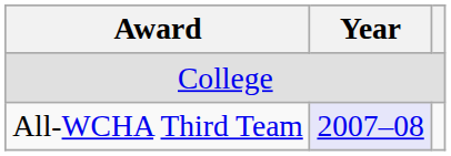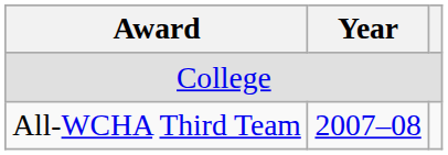 <table class="wikitable">
 <tr>
 <th>Award</th>
 <th>Year</th>
 <th></th>
 </tr>
 <tr ALIGN="center" bgcolor="#e0e0e0">
 <td colspan="3"><a href='#'>College</a></td>
 </tr>
 <tr>
 <td>All-<a href='#'>WCHA</a> <a href='#'>Third Team</a></td>
-<td style="background: lavender;"><a href='#'>2007–08</a></td>
+<td><a href='#'>2007–08</a></td>
 <td></td>
 </tr>
 </table>
